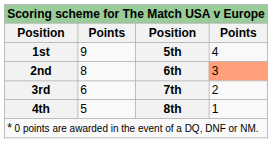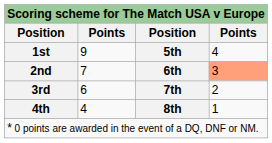 <table class="wikitable">
 <tr>
 <td align=center colspan=4 bgcolor="#99cc99"><strong>Scoring scheme for The Match USA v Europe</strong></td>
 </tr>
 <tr>
 <th>Position</th>
 <th>Points</th>
 <th>Position</th>
 <th>Points</th>
 </tr>
 <tr>
 <th>1st</th>
 <td>9</td>
 <th>5th</th>
 <td>4</td>
 </tr>
 <tr>
 <th>2nd</th>
-<td>8</td>
+<td>7</td>
 <th>6th</th>
 <td style="background: lightsalmon;">3</td>
 </tr>
 <tr>
 <th>3rd</th>
 <td>6</td>
 <th>7th</th>
 <td>2</td>
 </tr>
 <tr>
 <th>4th</th>
-<td>5</td>
+<td>4</td>
 <th>8th</th>
 <td>1</td>
 </tr>
 <tr>
 <td colspan=4>*<small> 0 points are awarded in the event of a DQ, DNF or NM.</small></td>
 </tr>
 </table>
